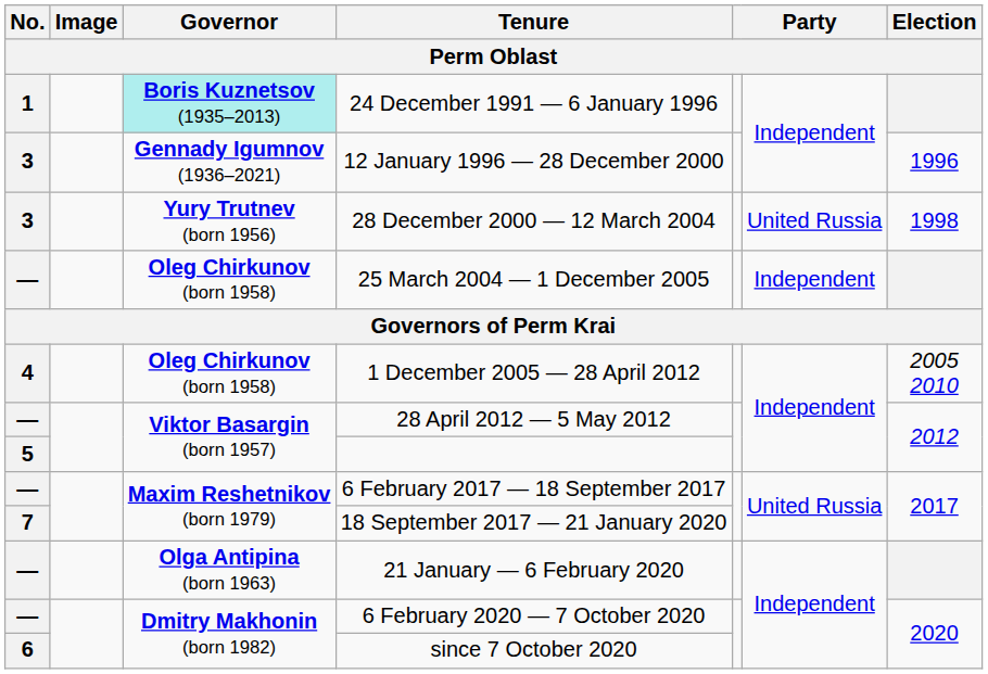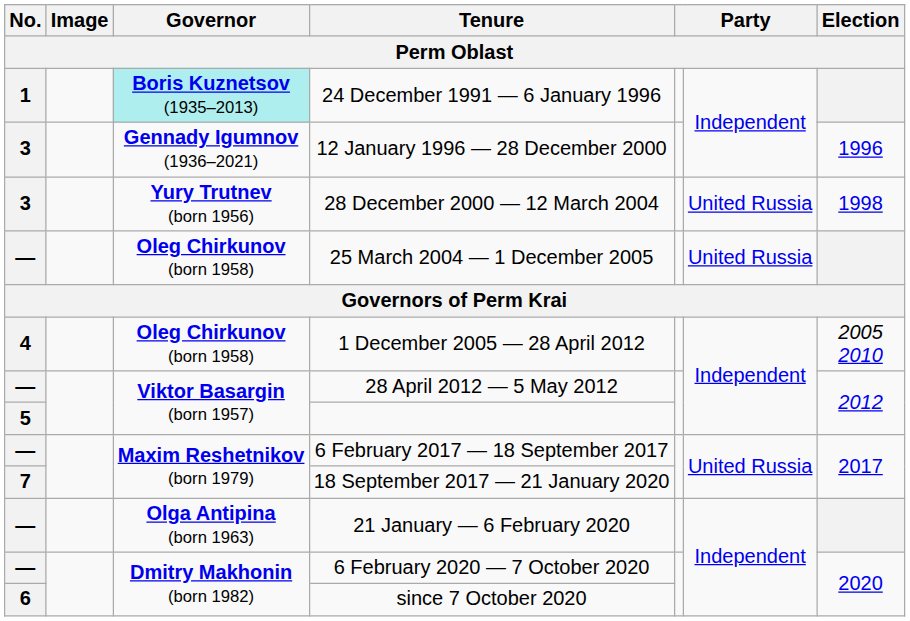 <table class="wikitable" style="text-align:center">
 <tr style="background:#cccccc" bgcolor=#E6E6AA>
 <th>No.</th>
 <th>Image</th>
 <th>Governor</th>
 <th>Tenure</th>
 <th colspan="2">Party</th>
 <th>Election</th>
 </tr>
 <tr>
 <th colspan=8>Perm Oblast</th>
 </tr>
 <tr>
 <th>1</th>
 <td></td>
 <td style="background: paleturquoise;"><strong><a href='#'>Boris Kuznetsov</a></strong><br><small>(1935–2013)</small></td>
 <td>24 December 1991 — 6 January 1996</td>
 <td style="background: "></td>
 <td rowspan=2><a href='#'>Independent</a></td>
 <th></th>
 </tr>
 <tr>
 <th>3</th>
 <td></td>
 <td><strong><a href='#'>Gennady Igumnov</a></strong><br><small>(1936–2021)</small></td>
 <td>12 January 1996 — 28 December 2000</td>
 <td style="background: "></td>
 <td><a href='#'>1996</a></td>
 </tr>
 <tr>
 <th>3</th>
 <td></td>
 <td><strong><a href='#'>Yury Trutnev</a></strong><br><small>(born 1956)</small></td>
 <td>28 December 2000 — 12 March 2004</td>
 <td style="background: "></td>
 <td><a href='#'>United Russia</a></td>
 <td><a href='#'>1998</a></td>
 </tr>
 <tr>
 <th>—</th>
 <td></td>
 <td><strong><a href='#'>Oleg Chirkunov</a></strong><br><small>(born 1958)</small></td>
 <td>25 March 2004 — 1 December 2005</td>
 <td style="background: "></td>
-<td><a href='#'>Independent</a></td>
+<td><a href='#'>United Russia</a></td>
 <th></th>
 </tr>
 <tr>
 <th colspan=8>Governors of Perm Krai</th>
 </tr>
 <tr>
 <th>4</th>
 <td></td>
 <td><strong><a href='#'>Oleg Chirkunov</a></strong><br><small>(born 1958)</small></td>
 <td>1 December 2005 — 28 April 2012</td>
 <td style="background: "></td>
 <td rowspan=3><a href='#'>Independent</a></td>
 <td><em>2005</em><br><em><a href='#'>2010</a></em></td>
 </tr>
 <tr>
 <th>—</th>
 <td rowspan=2></td>
 <td rowspan=2><strong><a href='#'>Viktor Basargin</a></strong><br><small>(born 1957)</small></td>
 <td>28 April 2012 — 5 May 2012</td>
 <td rowspan=2; style="background: "></td>
 <td rowspan=2><em><a href='#'>2012</a></em></td>
 </tr>
 <tr>
 <th>5</th>
 <td></td>
 </tr>
 <tr>
 <th>—</th>
 <td rowspan=2></td>
 <td rowspan=2><strong><a href='#'>Maxim Reshetnikov</a></strong><br><small>(born 1979)</small></td>
 <td>6 February 2017 — 18 September 2017</td>
 <td rowspan=2; style="background: "></td>
 <td rowspan=2><a href='#'>United Russia</a></td>
 <td rowspan=2><a href='#'>2017</a></td>
 </tr>
 <tr>
 <th>7</th>
 <td>18 September 2017 — 21 January 2020</td>
 </tr>
 <tr>
 <th>—</th>
 <td></td>
 <td><strong><a href='#'>Olga Antipina</a></strong><br><small>(born 1963)</small></td>
 <td>21 January — 6 February 2020</td>
 <td style="background: "></td>
 <td rowspan="3"><a href='#'>Independent</a></td>
 <th></th>
 </tr>
 <tr>
 <th>—</th>
 <td rowspan=2></td>
 <td rowspan=2><strong><a href='#'>Dmitry Makhonin</a></strong><br><small>(born 1982)</small></td>
 <td>6 February 2020 — 7 October 2020</td>
 <td rowspan=2; style="background: "></td>
 <td rowspan=2><a href='#'>2020</a></td>
 </tr>
 <tr>
 <th>6</th>
 <td>since 7 October 2020</td>
 </tr>
 </table>
